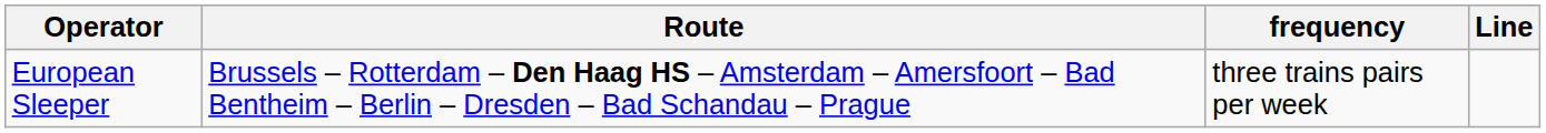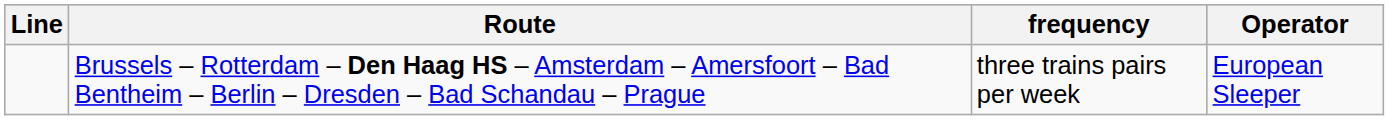 <table class="wikitable">
 <tr>
-<th>Operator</th>
+<th>Line</th>
 <th>Route</th>
 <th>frequency</th>
-<th>Line</th>
+<th>Operator</th>
 </tr>
 <tr>
-<td><a href='#'>European Sleeper</a></td>
+<td style="text-align:center"></td>
 <td><a href='#'>Brussels</a> – <a href='#'>Rotterdam</a> – <strong>Den Haag HS</strong> – <a href='#'>Amsterdam</a> – <a href='#'>Amersfoort</a> – <a href='#'>Bad Bentheim</a> – <a href='#'>Berlin</a> – <a href='#'>Dresden</a> – <a href='#'>Bad Schandau</a> – <a href='#'>Prague</a></td>
 <td>three trains pairs per week</td>
-<td style="text-align:center"></td>
+<td><a href='#'>European Sleeper</a></td>
 </tr>
 </table>
